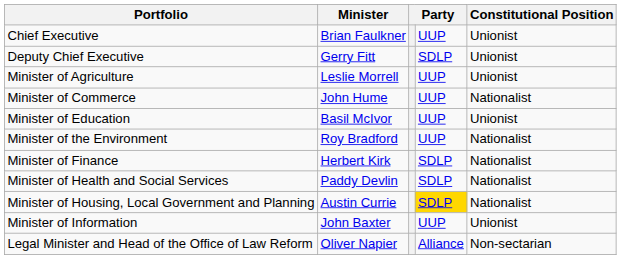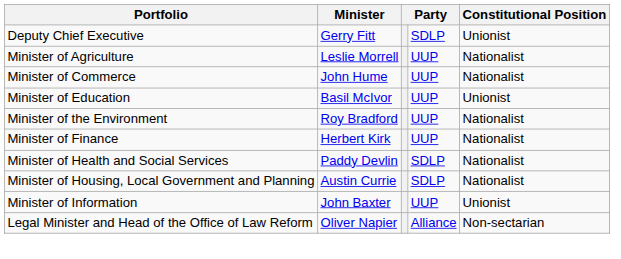 <table class="wikitable">
 <tr>
 <th>Portfolio</th>
 <th>Minister</th>
 <th colspan="2">Party</th>
 <th>Constitutional Position</th>
-</tr>
-<tr>
-<td>Chief Executive</td>
-<td><a href='#'>Brian Faulkner</a></td>
-<th style="background-color: "></th>
-<td><a href='#'>UUP</a></td>
-<td>Unionist</td>
 </tr>
 <tr>
 <td>Deputy Chief Executive</td>
 <td><a href='#'>Gerry Fitt</a></td>
 <th style="background-color: "></th>
 <td><a href='#'>SDLP</a></td>
 <td>Unionist</td>
 </tr>
 <tr>
 <td>Minister of Agriculture</td>
 <td><a href='#'>Leslie Morrell</a></td>
 <th style="background-color: "></th>
 <td><a href='#'>UUP</a></td>
-<td>Unionist</td>
+<td>Nationalist</td>
 </tr>
 <tr>
 <td>Minister of Commerce</td>
 <td><a href='#'>John Hume</a></td>
 <th style="background-color: "></th>
 <td><a href='#'>UUP</a></td>
 <td>Nationalist</td>
 </tr>
 <tr>
 <td>Minister of Education</td>
 <td><a href='#'>Basil McIvor</a></td>
 <th style="background-color: "></th>
 <td><a href='#'>UUP</a></td>
 <td>Unionist</td>
 </tr>
 <tr>
 <td>Minister of the Environment</td>
 <td><a href='#'>Roy Bradford</a></td>
 <th style="background-color: "></th>
 <td><a href='#'>UUP</a></td>
 <td>Nationalist</td>
 </tr>
 <tr>
 <td>Minister of Finance</td>
 <td><a href='#'>Herbert Kirk</a></td>
 <th style="background-color: "></th>
-<td><a href='#'>SDLP</a></td>
+<td><a href='#'>UUP</a></td>
 <td>Nationalist</td>
 </tr>
 <tr>
 <td>Minister of Health and Social Services</td>
 <td><a href='#'>Paddy Devlin</a></td>
 <th style="background-color: "></th>
 <td><a href='#'>SDLP</a></td>
 <td>Nationalist</td>
 </tr>
 <tr>
 <td>Minister of Housing, Local Government and Planning</td>
 <td><a href='#'>Austin Currie</a></td>
 <th style="background-color: "></th>
-<td style="background: gold;"><a href='#'>SDLP</a></td>
+<td><a href='#'>SDLP</a></td>
 <td>Nationalist</td>
 </tr>
 <tr>
 <td>Minister of Information</td>
 <td><a href='#'>John Baxter</a></td>
 <th style="background-color: "></th>
 <td><a href='#'>UUP</a></td>
 <td>Unionist</td>
 </tr>
 <tr>
 <td>Legal Minister and Head of the Office of Law Reform</td>
 <td><a href='#'>Oliver Napier</a></td>
 <th style="background-color: "></th>
 <td><a href='#'>Alliance</a></td>
 <td>Non-sectarian</td>
 </tr>
 </table>
